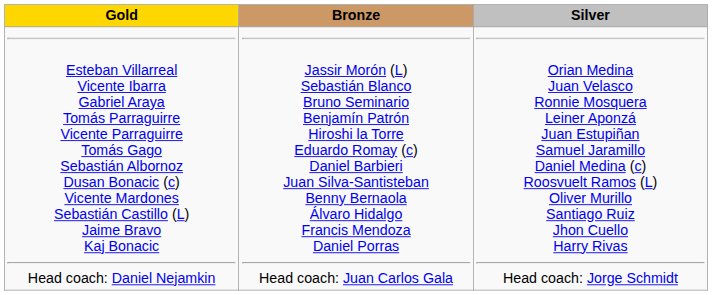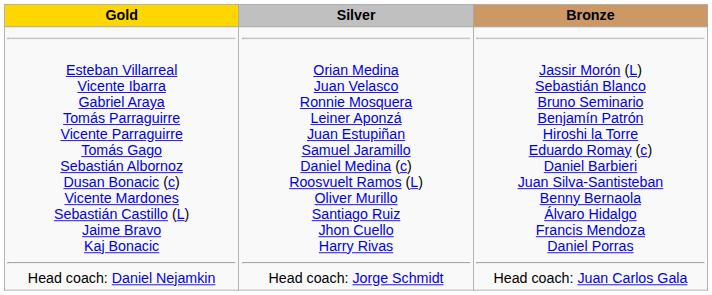 <table class="wikitable" style="text-align:center;">
 <tr>
 <td style="width: 16em;background: gold"><strong>Gold</strong></td>
+<td style="width: 16em;background: silver"><strong>Silver</strong></td>
 <td style="width: 16em;background: #CC9966"><strong>Bronze</strong></td>
-<td style="width: 16em;background: silver"><strong>Silver</strong></td>
 </tr>
 <tr>
 <td align=top><strong></strong><hr><br><a href='#'>Esteban Villarreal</a><br><a href='#'>Vicente Ibarra</a><br><a href='#'>Gabriel Araya</a><br><a href='#'>Tomás Parraguirre</a><br><a href='#'>Vicente Parraguirre</a><br><a href='#'>Tomás Gago</a><br><a href='#'>Sebastián Albornoz</a><br><a href='#'>Dusan Bonacic</a> (<a href='#'>c</a>)<br><a href='#'>Vicente Mardones</a><br><a href='#'>Sebastián Castillo</a> (<a href='#'>L</a>)<br><a href='#'>Jaime Bravo</a><br><a href='#'>Kaj Bonacic</a><br><hr>Head coach: <a href='#'>Daniel Nejamkin</a></td>
+<td align=top><strong></strong><hr><br><a href='#'>Orian Medina</a><br><a href='#'>Juan Velasco</a><br><a href='#'>Ronnie Mosquera</a><br><a href='#'>Leiner Aponzá</a><br><a href='#'>Juan Estupiñan</a><br><a href='#'>Samuel Jaramillo</a><br><a href='#'>Daniel Medina</a> (<a href='#'>c</a>)<br><a href='#'>Roosvuelt Ramos</a> (<a href='#'>L</a>)<br><a href='#'>Oliver Murillo</a><br><a href='#'>Santiago Ruiz</a><br><a href='#'>Jhon Cuello</a><br><a href='#'>Harry Rivas</a><br><hr>Head coach: <a href='#'>Jorge Schmidt</a></td>
 <td align=top><strong></strong><hr><br><a href='#'>Jassir Morón</a> (<a href='#'>L</a>)<br><a href='#'>Sebastián Blanco</a><br><a href='#'>Bruno Seminario</a><br><a href='#'>Benjamín Patrón</a><br><a href='#'>Hiroshi la Torre</a><br><a href='#'>Eduardo Romay</a> (<a href='#'>c</a>)<br><a href='#'>Daniel Barbieri</a><br><a href='#'>Juan Silva-Santisteban</a><br><a href='#'>Benny Bernaola</a><br><a href='#'>Álvaro Hidalgo</a><br><a href='#'>Francis Mendoza</a><br><a href='#'>Daniel Porras</a><br><hr>Head coach: <a href='#'>Juan Carlos Gala</a></td>
-<td align=top><strong></strong><hr><br><a href='#'>Orian Medina</a><br><a href='#'>Juan Velasco</a><br><a href='#'>Ronnie Mosquera</a><br><a href='#'>Leiner Aponzá</a><br><a href='#'>Juan Estupiñan</a><br><a href='#'>Samuel Jaramillo</a><br><a href='#'>Daniel Medina</a> (<a href='#'>c</a>)<br><a href='#'>Roosvuelt Ramos</a> (<a href='#'>L</a>)<br><a href='#'>Oliver Murillo</a><br><a href='#'>Santiago Ruiz</a><br><a href='#'>Jhon Cuello</a><br><a href='#'>Harry Rivas</a><br><hr>Head coach: <a href='#'>Jorge Schmidt</a></td>
 </tr>
 </table>
